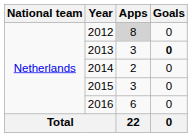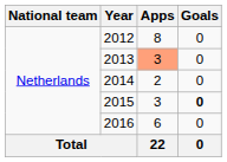 <table class="wikitable" style="text-align:center">
 <tr>
 <th>National team</th>
 <th>Year</th>
 <th>Apps</th>
 <th>Goals</th>
 </tr>
 <tr>
 <td rowspan="5"><a href='#'>Netherlands</a></td>
 <td>2012</td>
-<td style="background: lightgrey;">8</td>
+<td>8</td>
 <td>0</td>
 </tr>
 <tr>
 <td>2013</td>
-<td>3</td>
-<td><strong>0</strong></td>
+<td style="background: lightsalmon;">3</td>
+<td>0</td>
 </tr>
 <tr>
 <td>2014</td>
 <td>2</td>
 <td>0</td>
 </tr>
 <tr>
 <td>2015</td>
 <td>3</td>
-<td>0</td>
+<td><strong>0</strong></td>
 </tr>
 <tr>
 <td>2016</td>
 <td>6</td>
 <td>0</td>
 </tr>
 <tr>
 <th colspan="2">Total</th>
 <th>22</th>
 <th>0</th>
 </tr>
 </table>
